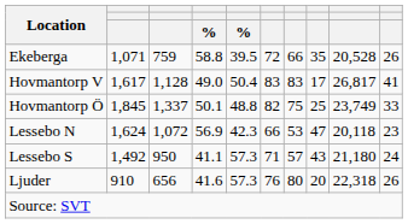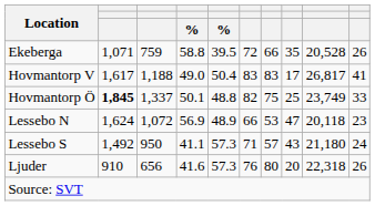 <table role="presentation" class="wikitable sortable mw-collapsible">
 <tr>
 <th rowspan="3">Location</th>
 <th></th>
 <th></th>
 <th></th>
 <th></th>
 <th></th>
 <th></th>
 <th></th>
 <th></th>
 <th></th>
 </tr>
 <tr>
 <th></th>
 <th></th>
 <th style="background:"></th>
 <th style="background:"></th>
 <th></th>
 <th></th>
 <th></th>
 <th></th>
 <th></th>
 </tr>
 <tr>
 <th data-sort-type="number"></th>
 <th data-sort-type="number"></th>
 <th data-sort-type="number">%</th>
 <th data-sort-type="number">%</th>
 <th data-sort-type="number"></th>
 <th data-sort-type="number"></th>
 <th data-sort-type="number"></th>
 <th data-sort-type="number"></th>
 <th data-sort-type="number"></th>
 </tr>
 <tr>
 <td align="left">Ekeberga</td>
 <td>1,071</td>
 <td>759</td>
 <td>58.8</td>
 <td>39.5</td>
 <td>72</td>
 <td>66</td>
 <td>35</td>
 <td>20,528</td>
 <td>26</td>
 </tr>
 <tr>
 <td align="left">Hovmantorp V</td>
 <td>1,617</td>
-<td>1,128</td>
+<td>1,188</td>
 <td>49.0</td>
 <td>50.4</td>
 <td>83</td>
 <td>83</td>
 <td>17</td>
 <td>26,817</td>
 <td>41</td>
 </tr>
 <tr>
 <td align="left">Hovmantorp Ö</td>
-<td>1,845</td>
+<td><strong>1,845</strong></td>
 <td>1,337</td>
 <td>50.1</td>
 <td>48.8</td>
 <td>82</td>
 <td>75</td>
 <td>25</td>
 <td>23,749</td>
 <td>33</td>
 </tr>
 <tr>
 <td align="left">Lessebo N</td>
 <td>1,624</td>
 <td>1,072</td>
 <td>56.9</td>
-<td>42.3</td>
+<td>48.9</td>
 <td>66</td>
 <td>53</td>
 <td>47</td>
 <td>20,118</td>
 <td>23</td>
 </tr>
 <tr>
 <td align="left">Lessebo S</td>
 <td>1,492</td>
 <td>950</td>
 <td>41.1</td>
 <td>57.3</td>
 <td>71</td>
 <td>57</td>
 <td>43</td>
 <td>21,180</td>
 <td>24</td>
 </tr>
 <tr>
 <td align="left">Ljuder</td>
 <td>910</td>
 <td>656</td>
 <td>41.6</td>
 <td>57.3</td>
 <td>76</td>
 <td>80</td>
 <td>20</td>
 <td>22,318</td>
 <td>26</td>
 </tr>
 <tr>
 <td colspan="10" align="left">Source: <a href='#'>SVT</a></td>
 </tr>
 </table>
